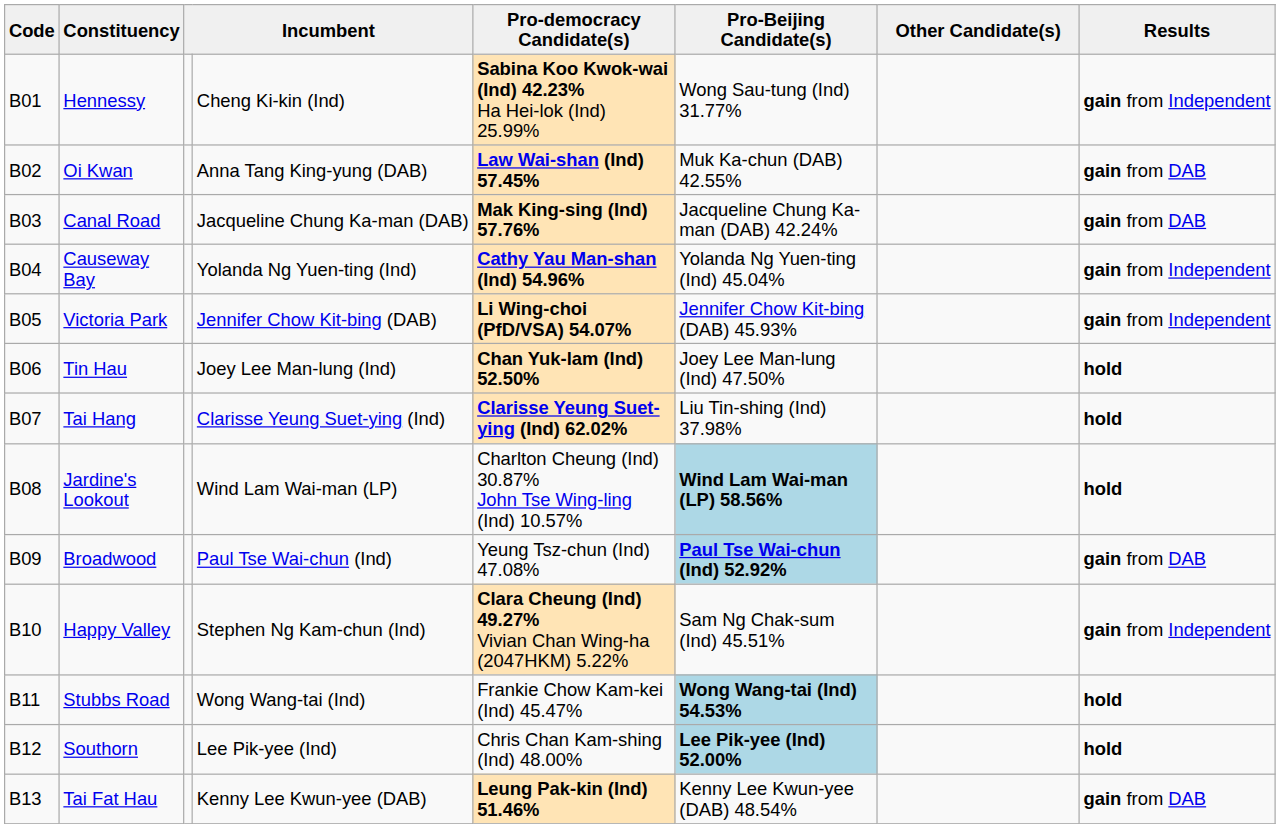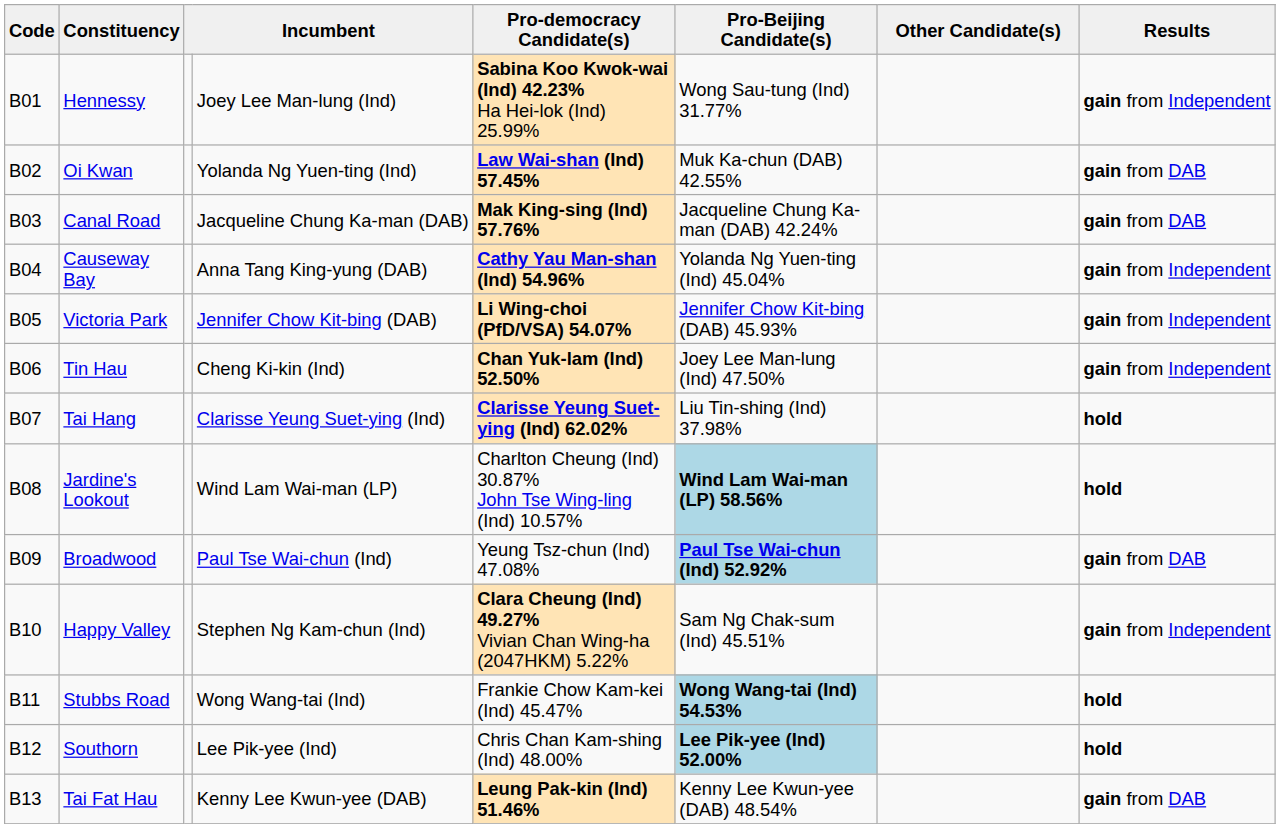 <table class="wikitable sortable" style="font-size: 95%;">
 <tr>
 <th align="center" style="background:#f0f0f0;" width="20px">Code</th>
 <th align="center" style="background:#f0f0f0;" width="90px">Constituency</th>
 <th align="center" style="background:#f0f0f0;" width="120px" colspan=2>Incumbent</th>
 <th align="center" style="background:#f0f0f0;" width="160px">Pro-democracy Candidate(s)</th>
 <th align="center" style="background:#f0f0f0;" width="160px">Pro-Beijing Candidate(s)</th>
 <th align="center" style="background:#f0f0f0;" width="160px">Other Candidate(s)</th>
 <th align="center" style="background:#f0f0f0;" width="100px" colspan="2">Results</th>
 </tr>
 <tr>
 <td>B01</td>
 <td><a href='#'>Hennessy</a></td>
 <td></td>
-<td>Cheng Ki-kin (Ind)</td>
+<td>Joey Lee Man-lung (Ind)</td>
 <td style="background-color:Moccasin"><strong>Sabina Koo Kwok-wai (Ind) 42.23% <br></strong>Ha Hei-lok (Ind) 25.99%</td>
 <td>Wong Sau-tung (Ind) 31.77%</td>
 <td></td>
 <td> <strong>gain</strong> from <a href='#'>Independent</a></td>
 </tr>
 <tr>
 <td>B02</td>
 <td><a href='#'>Oi Kwan</a></td>
 <td></td>
-<td>Anna Tang King-yung (DAB)</td>
+<td>Yolanda Ng Yuen-ting (Ind)</td>
 <td style="background-color:Moccasin"><strong><a href='#'>Law Wai-shan</a> (Ind) 57.45%</strong></td>
 <td>Muk Ka-chun (DAB) 42.55%</td>
 <td></td>
 <td> <strong>gain</strong> from <a href='#'>DAB</a></td>
 </tr>
 <tr>
 <td>B03</td>
 <td><a href='#'>Canal Road</a></td>
 <td></td>
 <td>Jacqueline Chung Ka-man (DAB)</td>
 <td style="background-color:Moccasin"><strong>Mak King-sing (Ind) 57.76%</strong></td>
 <td>Jacqueline Chung Ka-man (DAB) 42.24%</td>
 <td></td>
 <td> <strong>gain</strong> from <a href='#'>DAB</a></td>
 </tr>
 <tr>
 <td>B04</td>
 <td><a href='#'>Causeway Bay</a></td>
 <td></td>
-<td>Yolanda Ng Yuen-ting (Ind)</td>
+<td>Anna Tang King-yung (DAB)</td>
 <td style="background-color:Moccasin"><strong><a href='#'>Cathy Yau Man-shan</a> (Ind) 54.96%</strong></td>
 <td>Yolanda Ng Yuen-ting (Ind) 45.04%</td>
 <td></td>
 <td> <strong>gain</strong> from <a href='#'>Independent</a></td>
 </tr>
 <tr>
 <td>B05</td>
 <td><a href='#'>Victoria Park</a></td>
 <td></td>
 <td><a href='#'>Jennifer Chow Kit-bing</a> (DAB)</td>
 <td style="background-color:Moccasin"><strong>Li Wing-choi (PfD/VSA) 54.07%</strong></td>
 <td><a href='#'>Jennifer Chow Kit-bing</a> (DAB) 45.93%</td>
 <td></td>
 <td> <strong>gain</strong> from <a href='#'>Independent</a></td>
 </tr>
 <tr>
 <td>B06</td>
 <td><a href='#'>Tin Hau</a></td>
 <td></td>
-<td>Joey Lee Man-lung (Ind)</td>
+<td>Cheng Ki-kin (Ind)</td>
 <td style="background-color:Moccasin"><strong>Chan Yuk-lam (Ind) 52.50%</strong></td>
 <td>Joey Lee Man-lung (Ind) 47.50%</td>
 <td></td>
-<td> <strong>hold</strong></td>
+<td> <strong>gain</strong> from <a href='#'>Independent</a></td>
 </tr>
 <tr>
 <td>B07</td>
 <td><a href='#'>Tai Hang</a></td>
 <td></td>
 <td><a href='#'>Clarisse Yeung Suet-ying</a> (Ind)</td>
 <td style="background-color:Moccasin"><strong><a href='#'>Clarisse Yeung Suet-ying</a> (Ind) 62.02%</strong></td>
 <td>Liu Tin-shing (Ind) 37.98%</td>
 <td></td>
 <td> <strong>hold</strong></td>
 </tr>
 <tr>
 <td>B08</td>
 <td><a href='#'>Jardine's Lookout</a></td>
 <td></td>
 <td>Wind Lam Wai-man (LP)</td>
 <td>Charlton Cheung (Ind) 30.87%<br><a href='#'>John Tse Wing-ling</a> (Ind) 10.57%</td>
 <td style="background-color:LightBlue"><strong>Wind Lam Wai-man (LP) 58.56%</strong></td>
 <td></td>
 <td> <strong>hold</strong></td>
 </tr>
 <tr>
 <td>B09</td>
 <td><a href='#'>Broadwood</a></td>
 <td></td>
 <td><a href='#'>Paul Tse Wai-chun</a> (Ind)</td>
 <td>Yeung Tsz-chun (Ind) 47.08%</td>
 <td style="background-color:LightBlue"><strong><a href='#'>Paul Tse Wai-chun</a> (Ind) 52.92%</strong></td>
 <td></td>
 <td> <strong>gain</strong> from <a href='#'>DAB</a></td>
 </tr>
 <tr>
 <td>B10</td>
 <td><a href='#'>Happy Valley</a></td>
 <td></td>
 <td>Stephen Ng Kam-chun (Ind)</td>
 <td style="background-color:Moccasin"><strong>Clara Cheung (Ind)</strong> <strong>49.27%</strong><br>Vivian Chan Wing-ha (2047HKM) 5.22%</td>
 <td>Sam Ng Chak-sum (Ind) 45.51%</td>
 <td></td>
 <td> <strong>gain</strong> from <a href='#'>Independent</a></td>
 </tr>
 <tr>
 <td>B11</td>
 <td><a href='#'>Stubbs Road</a></td>
 <td></td>
 <td>Wong Wang-tai (Ind)</td>
 <td>Frankie Chow Kam-kei (Ind) 45.47%</td>
 <td style="background-color:LightBlue"><strong>Wong Wang-tai (Ind) 54.53%</strong></td>
 <td></td>
 <td> <strong>hold</strong></td>
 </tr>
 <tr>
 <td>B12</td>
 <td><a href='#'>Southorn</a></td>
 <td></td>
 <td>Lee Pik-yee (Ind)</td>
 <td>Chris Chan Kam-shing (Ind) 48.00%</td>
 <td style="background-color:LightBlue"><strong>Lee Pik-yee (Ind) 52.00%</strong></td>
 <td></td>
 <td> <strong>hold</strong></td>
 </tr>
 <tr>
 <td>B13</td>
 <td><a href='#'>Tai Fat Hau</a></td>
 <td></td>
 <td>Kenny Lee Kwun-yee (DAB)</td>
 <td style="background-color:Moccasin"><strong>Leung Pak-kin (Ind) 51.46%</strong></td>
 <td>Kenny Lee Kwun-yee (DAB) 48.54%</td>
 <td></td>
 <td> <strong>gain</strong> from <a href='#'>DAB</a></td>
 </tr>
 </table>
